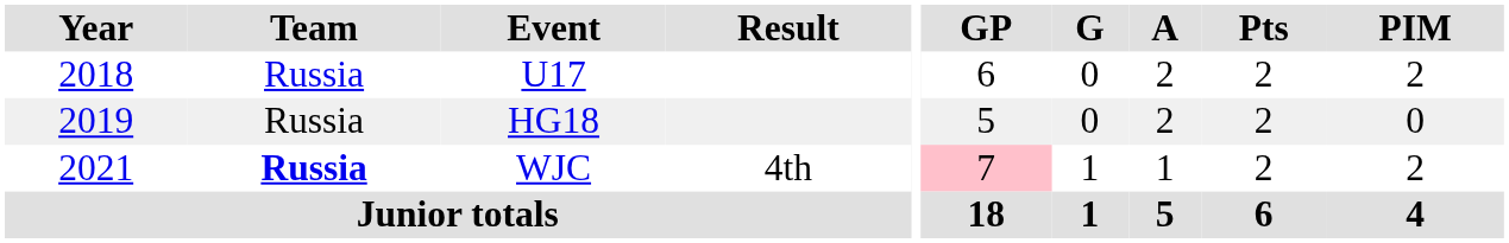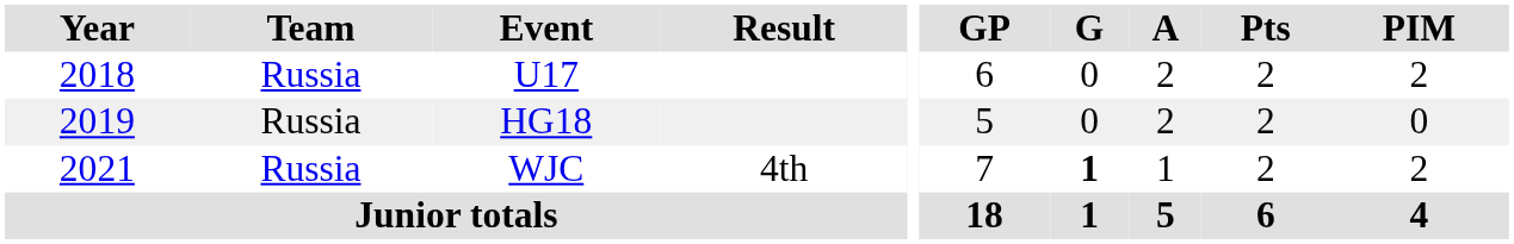 <table border="0" cellpadding="1" cellspacing="0" ID="Table3" style="text-align:center; width:40em">
 <tr bgcolor="#e0e0e0">
 <th>Year</th>
 <th>Team</th>
 <th>Event</th>
 <th>Result</th>
 <th rowspan="99" bgcolor="#ffffff"></th>
 <th>GP</th>
 <th>G</th>
 <th>A</th>
 <th>Pts</th>
 <th>PIM</th>
 </tr>
 <tr>
 <td><a href='#'>2018</a></td>
 <td><a href='#'>Russia</a></td>
 <td><a href='#'>U17</a></td>
 <td></td>
 <td>6</td>
 <td>0</td>
 <td>2</td>
 <td>2</td>
 <td>2</td>
 </tr>
 <tr bgcolor="#f0f0f0">
 <td><a href='#'>2019</a></td>
 <td>Russia</td>
 <td><a href='#'>HG18</a></td>
 <td></td>
 <td>5</td>
 <td>0</td>
 <td>2</td>
 <td>2</td>
 <td>0</td>
 </tr>
 <tr>
 <td><a href='#'>2021</a></td>
-<td><strong><a href='#'>Russia</a></strong></td>
+<td><a href='#'>Russia</a></td>
 <td><a href='#'>WJC</a></td>
 <td>4th</td>
-<td style="background: pink;">7</td>
-<td>1</td>
+<td>7</td>
+<td><strong>1</strong></td>
 <td>1</td>
 <td>2</td>
 <td>2</td>
 </tr>
 <tr ALIGN="center" bgcolor="#e0e0e0">
 <th colspan=4>Junior totals</th>
 <th>18</th>
 <th>1</th>
 <th>5</th>
 <th>6</th>
 <th>4</th>
 </tr>
 </table>
